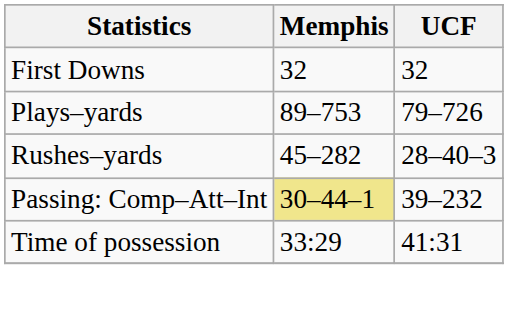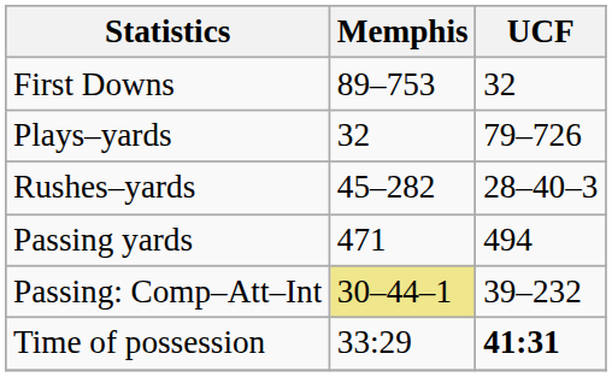 <table class="wikitable">
 <tr>
 <th>Statistics</th>
 <th>Memphis</th>
 <th>UCF</th>
 </tr>
 <tr>
 <td>First Downs</td>
-<td>32</td>
+<td>89–753</td>
 <td>32</td>
 </tr>
 <tr>
 <td>Plays–yards</td>
-<td>89–753</td>
+<td>32</td>
 <td>79–726</td>
 </tr>
 <tr>
 <td>Rushes–yards</td>
 <td>45–282</td>
 <td>28–40–3</td>
+</tr>
+<tr>
+<td>Passing yards</td>
+<td>471</td>
+<td>494</td>
 </tr>
 <tr>
 <td>Passing: Comp–Att–Int</td>
 <td style="background: khaki;">30–44–1</td>
 <td>39–232</td>
 </tr>
 <tr>
 <td>Time of possession</td>
 <td>33:29</td>
-<td>41:31</td>
+<td><strong>41:31</strong></td>
 </tr>
 <tr>
 </tr>
 </table>
